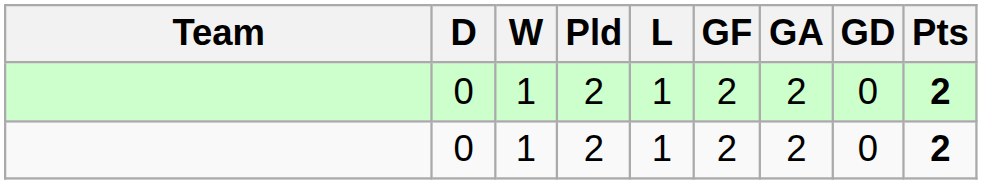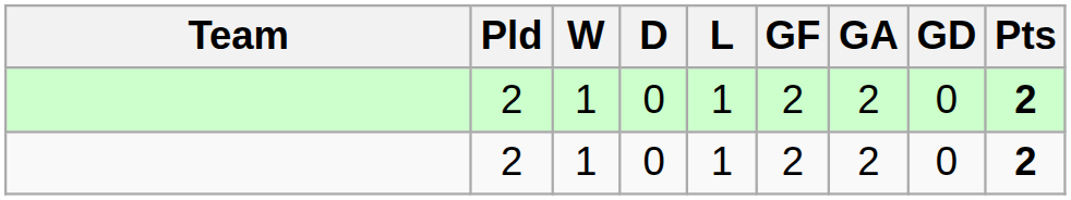 <table class="wikitable" style="text-align:center;">
 <tr>
 <th width=180>Team</th>
+<th width=20>Pld</th>
+<th width=20>W</th>
 <th width=20>D</th>
-<th width=20>W</th>
-<th width=20>Pld</th>
 <th width=20>L</th>
 <th width=20>GF</th>
 <th width=20>GA</th>
 <th width=20>GD</th>
 <th width=20>Pts</th>
 </tr>
 <tr style="background:#cfc;">
 <td align="left"></td>
+<td>2</td>
+<td>1</td>
 <td>0</td>
-<td>1</td>
-<td>2</td>
 <td>1</td>
 <td>2</td>
 <td>2</td>
 <td>0</td>
 <td><strong>2</strong></td>
 </tr>
 <tr>
 <td align="left"></td>
+<td>2</td>
+<td>1</td>
 <td>0</td>
-<td>1</td>
-<td>2</td>
 <td>1</td>
 <td>2</td>
 <td>2</td>
 <td>0</td>
 <td><strong>2</strong></td>
 </tr>
 </table>
